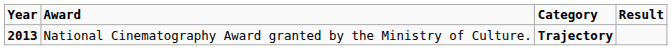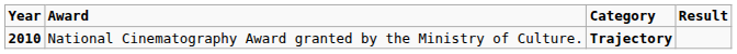 <table class="wikitable">
 <tr>
 <td><strong>Year</strong></td>
 <td><strong>Award</strong></td>
 <td><strong>Category</strong></td>
 <td><strong>Result</strong></td>
 </tr>
 <tr>
-<td><strong>2013</strong></td>
+<td><strong>2010</strong></td>
 <td>National Cinematography Award granted by the Ministry of Culture.</td>
 <td><strong>Trajectory</strong></td>
 <td></td>
 </tr>
 </table>
